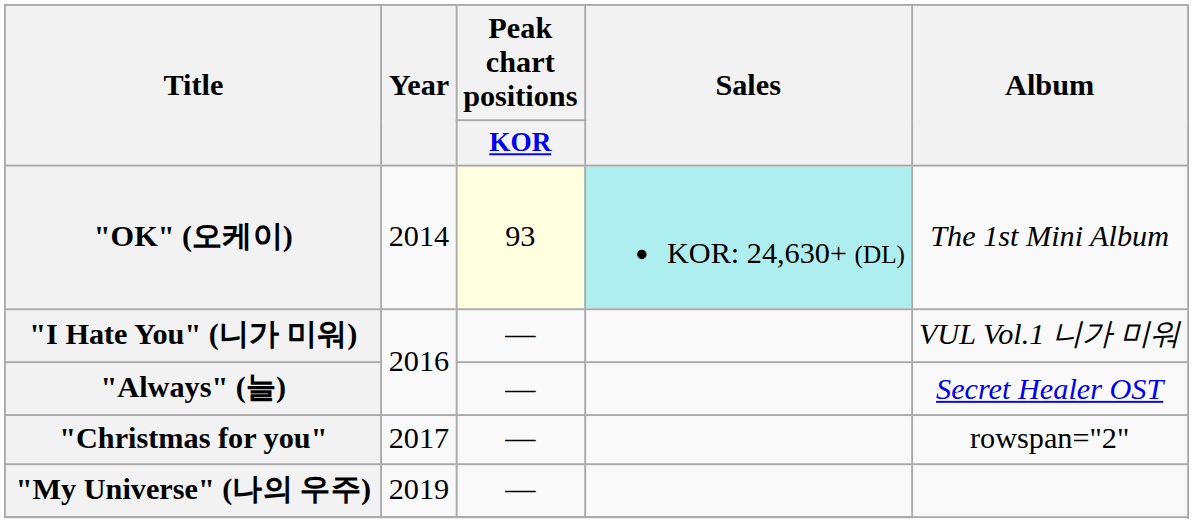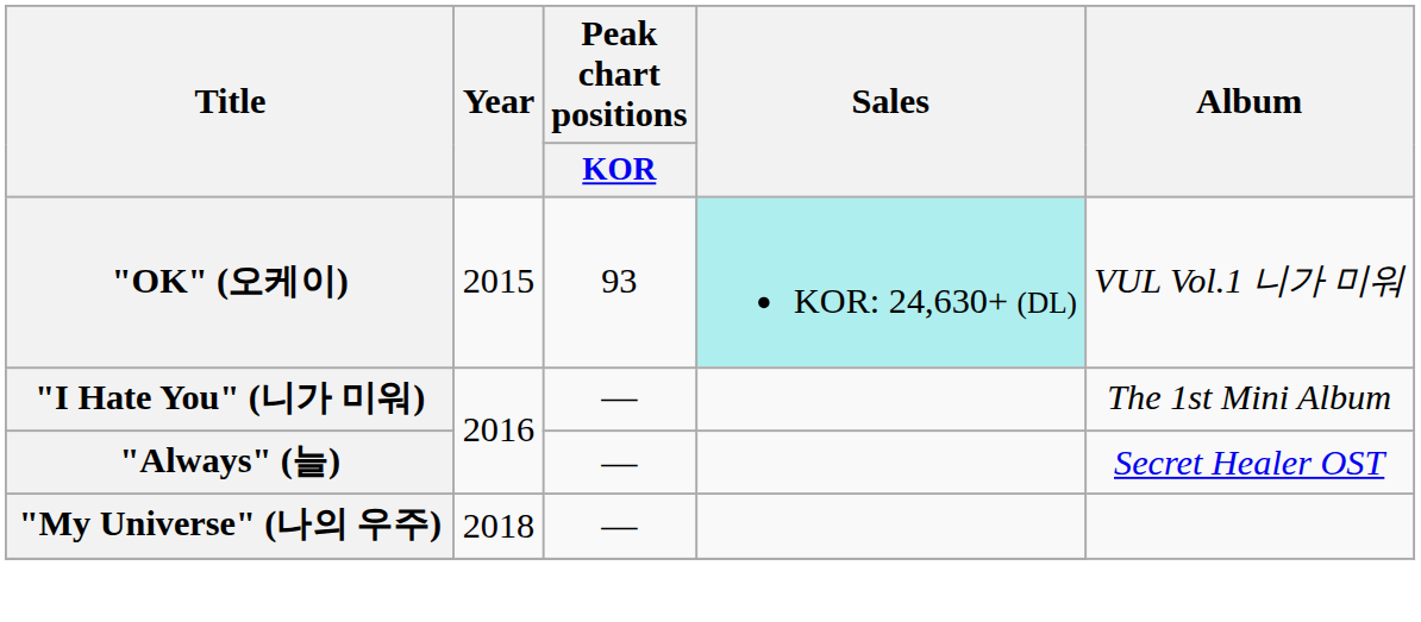 <table class="wikitable plainrowheaders" style="text-align:center;" border="1">
 <tr>
 <th scope="col" rowspan="2" style="width:12em;">Title</th>
 <th scope="col" rowspan="2">Year</th>
 <th scope="col" colspan="1">Peak chart positions</th>
 <th scope="col" rowspan="2">Sales</th>
 <th scope="col" rowspan="2">Album</th>
 </tr>
 <tr>
 <th scope="col" style="width:3em;font-size:90%;"><a href='#'>KOR</a><br></th>
 </tr>
 <tr>
 <th scope="row">"OK" (오케이)</th>
-<td>2014</td>
-<td style="background: lightyellow;">93</td>
+<td>2015</td>
+<td>93</td>
 <td style="background: paleturquoise;"><br><ul><li>KOR: 24,630+ <small>(DL)</small></li></ul></td>
-<td><em>The 1st Mini Album</em></td>
+<td><em>VUL Vol.1 니가 미워</em></td>
 </tr>
 <tr>
 <th scope="row">"I Hate You" (니가 미워)</th>
 <td rowspan="2">2016</td>
 <td>—</td>
 <td></td>
-<td><em>VUL Vol.1 니가 미워</em></td>
+<td><em>The 1st Mini Album</em></td>
 </tr>
 <tr>
 <th scope="row">"Always" (늘)</th>
 <td>—</td>
 <td></td>
 <td><em><a href='#'>Secret Healer OST</a></em></td>
 </tr>
 <tr>
-<th scope="row">"Christmas for you"</th>
-<td>2017</td>
-<td>—</td>
-<td></td>
-<td>rowspan="2" </td>
-</tr>
-<tr>
 <th scope="row">"My Universe" (나의 우주)</th>
-<td>2019</td>
+<td>2018</td>
 <td>—</td>
 <td></td>
 </tr>
 <tr>
 </tr>
 </table>
